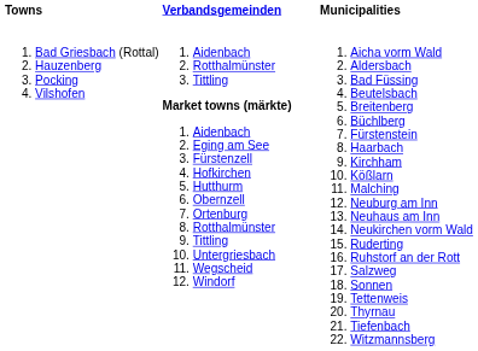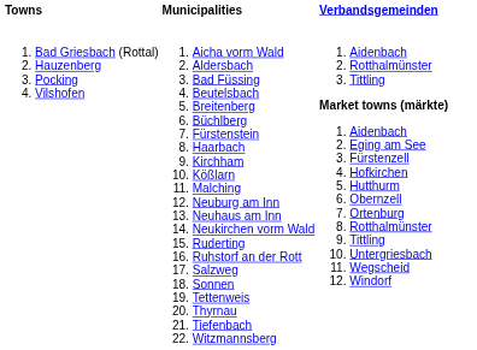 <table>
 <tr>
 <th align=left width=33%>Towns</th>
+<th align=left width=33%>Municipalities</th>
 <th align=left width=33%><a href='#'>Verbandsgemeinden</a></th>
-<th align=left width=33%>Municipalities</th>
 </tr>
 <tr valign=top>
 <td><br><ol><li><a href='#'>Bad Griesbach</a> (Rottal)</li><li><a href='#'>Hauzenberg</a></li><li><a href='#'>Pocking</a></li><li><a href='#'>Vilshofen</a></li></ol></td>
+<td><br><ol><li><a href='#'>Aicha vorm Wald</a></li><li><a href='#'>Aldersbach</a></li><li><a href='#'>Bad Füssing</a></li><li><a href='#'>Beutelsbach</a></li><li><a href='#'>Breitenberg</a></li><li><a href='#'>Büchlberg</a></li><li><a href='#'>Fürstenstein</a></li><li><a href='#'>Haarbach</a></li><li><a href='#'>Kirchham</a></li><li><a href='#'>Kößlarn</a></li><li><a href='#'>Malching</a></li><li><a href='#'>Neuburg am Inn</a></li><li><a href='#'>Neuhaus am Inn</a></li><li><a href='#'>Neukirchen vorm Wald</a></li><li><a href='#'>Ruderting</a></li><li><a href='#'>Ruhstorf an der Rott</a></li><li><a href='#'>Salzweg</a></li><li><a href='#'>Sonnen</a></li><li><a href='#'>Tettenweis</a></li><li><a href='#'>Thyrnau</a></li><li><a href='#'>Tiefenbach</a></li><li><a href='#'>Witzmannsberg</a></li></ol></td>
 <td><br><ol><li><a href='#'>Aidenbach</a></li><li><a href='#'>Rotthalmünster</a></li><li><a href='#'>Tittling</a></li></ol><strong>Market towns (märkte)</strong><ol><li><a href='#'>Aidenbach</a></li><li><a href='#'>Eging am See</a></li><li><a href='#'>Fürstenzell</a></li><li><a href='#'>Hofkirchen</a></li><li><a href='#'>Hutthurm</a></li><li><a href='#'>Obernzell</a></li><li><a href='#'>Ortenburg</a></li><li><a href='#'>Rotthalmünster</a></li><li><a href='#'>Tittling</a></li><li><a href='#'>Untergriesbach</a></li><li><a href='#'>Wegscheid</a></li><li><a href='#'>Windorf</a></li></ol></td>
-<td><br><ol><li><a href='#'>Aicha vorm Wald</a></li><li><a href='#'>Aldersbach</a></li><li><a href='#'>Bad Füssing</a></li><li><a href='#'>Beutelsbach</a></li><li><a href='#'>Breitenberg</a></li><li><a href='#'>Büchlberg</a></li><li><a href='#'>Fürstenstein</a></li><li><a href='#'>Haarbach</a></li><li><a href='#'>Kirchham</a></li><li><a href='#'>Kößlarn</a></li><li><a href='#'>Malching</a></li><li><a href='#'>Neuburg am Inn</a></li><li><a href='#'>Neuhaus am Inn</a></li><li><a href='#'>Neukirchen vorm Wald</a></li><li><a href='#'>Ruderting</a></li><li><a href='#'>Ruhstorf an der Rott</a></li><li><a href='#'>Salzweg</a></li><li><a href='#'>Sonnen</a></li><li><a href='#'>Tettenweis</a></li><li><a href='#'>Thyrnau</a></li><li><a href='#'>Tiefenbach</a></li><li><a href='#'>Witzmannsberg</a></li></ol></td>
 </tr>
 </table>
